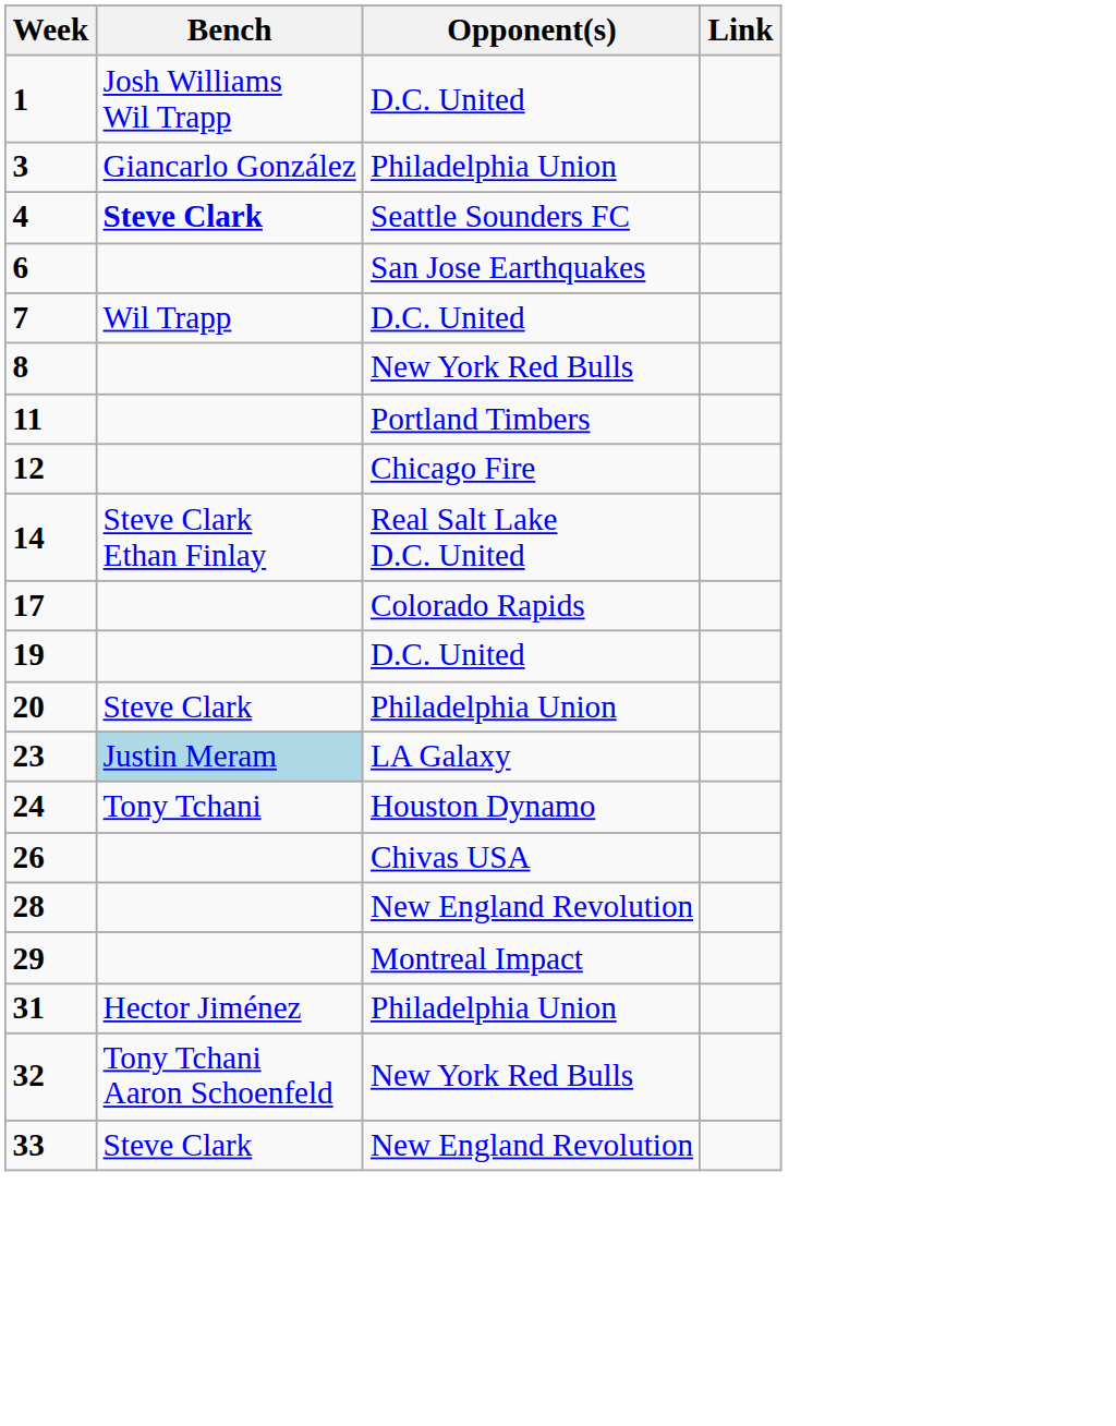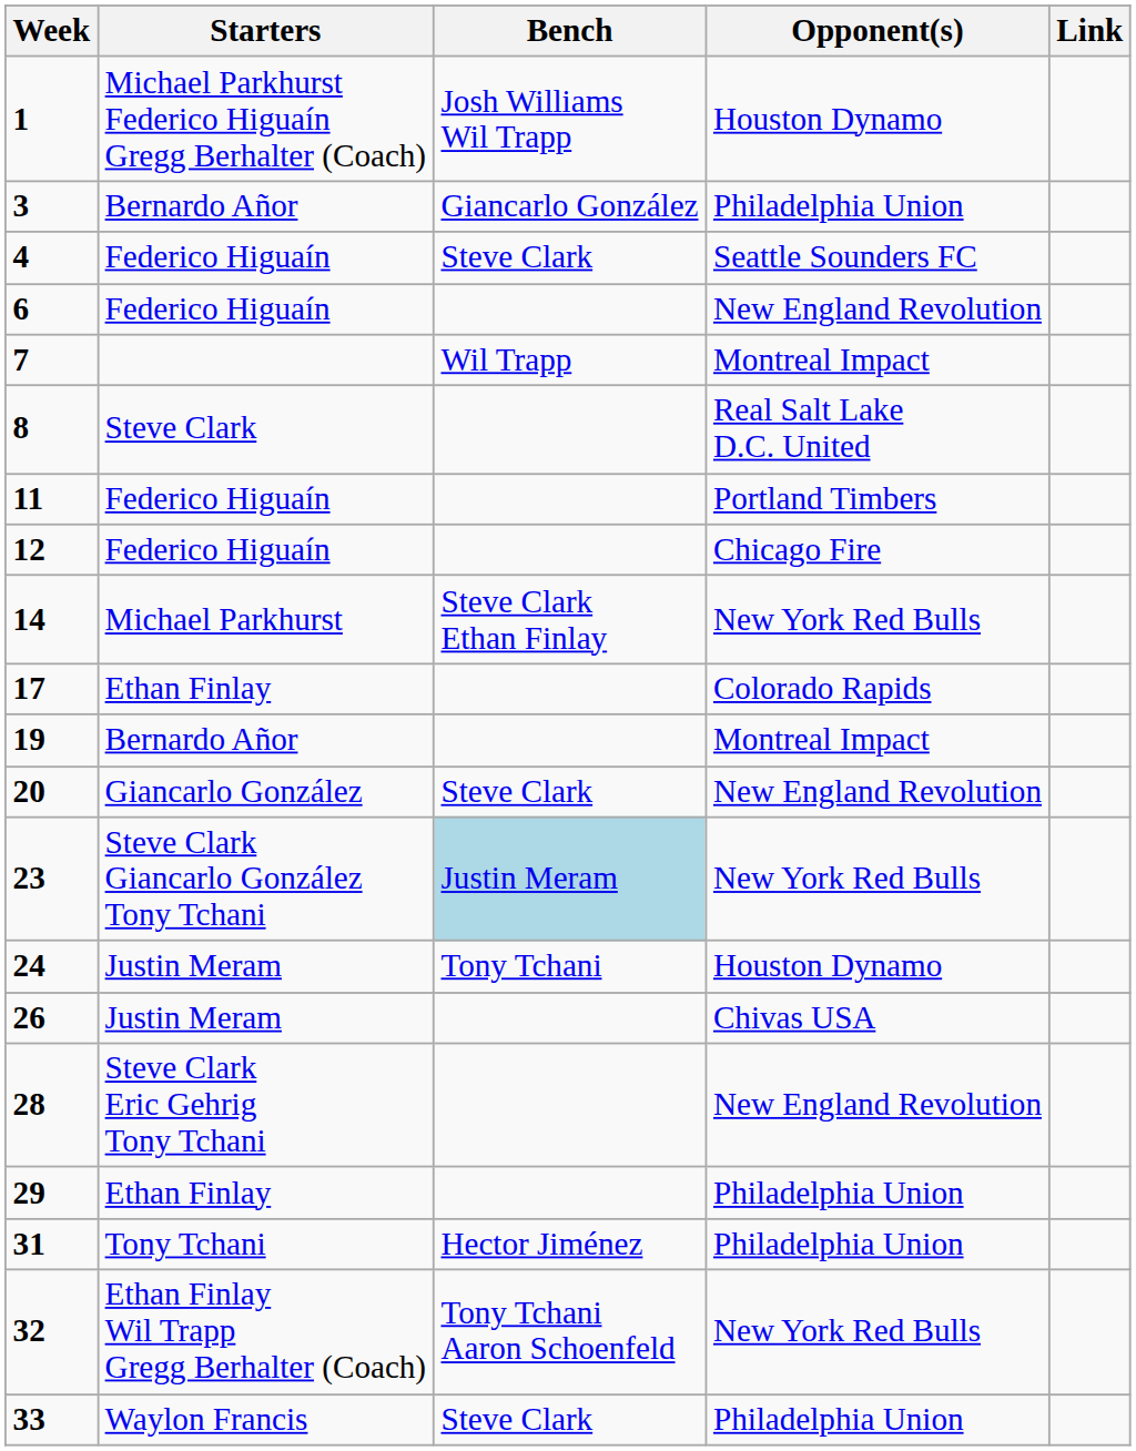 <table class=wikitable style="display:inline-table;">
 <tr>
 <th>Week</th>
+<th>Starters</th>
 <th>Bench</th>
 <th>Opponent(s)</th>
 <th>Link</th>
 </tr>
 <tr>
 <td><strong>1</strong></td>
+<td> <a href='#'>Michael Parkhurst</a><br> <a href='#'>Federico Higuaín</a><br> <a href='#'>Gregg Berhalter</a> (Coach)</td>
 <td> <a href='#'>Josh Williams</a><br> <a href='#'>Wil Trapp</a></td>
-<td> <a href='#'>D.C. United</a></td>
+<td> <a href='#'>Houston Dynamo</a></td>
 <td></td>
 </tr>
 <tr>
 <td><strong>3</strong></td>
+<td> <a href='#'>Bernardo Añor</a></td>
 <td> <a href='#'>Giancarlo González</a></td>
 <td> <a href='#'>Philadelphia Union</a></td>
 <td></td>
 </tr>
 <tr>
 <td><strong>4</strong></td>
-<td><strong> <a href='#'>Steve Clark</a></strong></td>
+<td> <a href='#'>Federico Higuaín</a></td>
+<td> <a href='#'>Steve Clark</a></td>
 <td> <a href='#'>Seattle Sounders FC</a></td>
 <td></td>
 </tr>
 <tr>
 <td><strong>6</strong></td>
+<td> <a href='#'>Federico Higuaín</a></td>
 <td></td>
-<td> <a href='#'>San Jose Earthquakes</a></td>
+<td> <a href='#'>New England Revolution</a></td>
 <td></td>
 </tr>
 <tr>
 <td><strong>7</strong></td>
+<td></td>
 <td> <a href='#'>Wil Trapp</a></td>
-<td> <a href='#'>D.C. United</a></td>
+<td> <a href='#'>Montreal Impact</a></td>
 <td></td>
 </tr>
 <tr>
 <td><strong>8</strong></td>
+<td> <a href='#'>Steve Clark</a></td>
 <td></td>
-<td> <a href='#'>New York Red Bulls</a></td>
+<td> <a href='#'>Real Salt Lake</a><br> <a href='#'>D.C. United</a></td>
 <td></td>
 </tr>
 <tr>
 <td><strong>11</strong></td>
+<td> <a href='#'>Federico Higuaín</a></td>
 <td></td>
 <td> <a href='#'>Portland Timbers</a></td>
 <td></td>
 </tr>
 <tr>
 <td><strong>12</strong></td>
+<td> <a href='#'>Federico Higuaín</a></td>
 <td></td>
 <td> <a href='#'>Chicago Fire</a></td>
 <td></td>
 </tr>
 <tr>
 <td><strong>14</strong></td>
+<td> <a href='#'>Michael Parkhurst</a></td>
 <td> <a href='#'>Steve Clark</a><br> <a href='#'>Ethan Finlay</a></td>
-<td> <a href='#'>Real Salt Lake</a><br> <a href='#'>D.C. United</a></td>
+<td> <a href='#'>New York Red Bulls</a></td>
 <td></td>
 </tr>
 <tr>
 <td><strong>17</strong></td>
+<td> <a href='#'>Ethan Finlay</a></td>
 <td></td>
 <td> <a href='#'>Colorado Rapids</a></td>
 <td></td>
 </tr>
 <tr>
 <td><strong>19</strong></td>
+<td> <a href='#'>Bernardo Añor</a></td>
 <td></td>
-<td> <a href='#'>D.C. United</a></td>
+<td> <a href='#'>Montreal Impact</a></td>
 <td></td>
 </tr>
 <tr>
 <td><strong>20</strong></td>
+<td> <a href='#'>Giancarlo González</a></td>
 <td> <a href='#'>Steve Clark</a></td>
-<td> <a href='#'>Philadelphia Union</a></td>
+<td> <a href='#'>New England Revolution</a></td>
 <td></td>
 </tr>
 <tr>
 <td><strong>23</strong></td>
+<td> <a href='#'>Steve Clark</a><br> <a href='#'>Giancarlo González</a><br> <a href='#'>Tony Tchani</a></td>
 <td style="background: lightblue;"> <a href='#'>Justin Meram</a></td>
-<td> <a href='#'>LA Galaxy</a></td>
+<td> <a href='#'>New York Red Bulls</a></td>
 <td></td>
 </tr>
 <tr>
 <td><strong>24</strong></td>
+<td> <a href='#'>Justin Meram</a></td>
 <td> <a href='#'>Tony Tchani</a></td>
 <td> <a href='#'>Houston Dynamo</a></td>
 <td></td>
 </tr>
 <tr>
 <td><strong>26</strong></td>
+<td> <a href='#'>Justin Meram</a></td>
 <td></td>
 <td> <a href='#'>Chivas USA</a></td>
 <td></td>
 </tr>
 <tr>
 <td><strong>28</strong></td>
+<td> <a href='#'>Steve Clark</a><br> <a href='#'>Eric Gehrig</a><br> <a href='#'>Tony Tchani</a></td>
 <td></td>
 <td> <a href='#'>New England Revolution</a></td>
 <td></td>
 </tr>
 <tr>
 <td><strong>29</strong></td>
+<td> <a href='#'>Ethan Finlay</a></td>
 <td></td>
-<td> <a href='#'>Montreal Impact</a></td>
+<td> <a href='#'>Philadelphia Union</a></td>
 <td></td>
 </tr>
 <tr>
 <td><strong>31</strong></td>
+<td> <a href='#'>Tony Tchani</a></td>
 <td> <a href='#'>Hector Jiménez</a></td>
 <td> <a href='#'>Philadelphia Union</a></td>
 <td></td>
 </tr>
 <tr>
 <td><strong>32</strong></td>
+<td> <a href='#'>Ethan Finlay</a><br> <a href='#'>Wil Trapp</a><br> <a href='#'>Gregg Berhalter</a> (Coach)</td>
 <td> <a href='#'>Tony Tchani</a><br> <a href='#'>Aaron Schoenfeld</a></td>
 <td> <a href='#'>New York Red Bulls</a></td>
 <td></td>
 </tr>
 <tr>
 <td><strong>33</strong></td>
+<td> <a href='#'>Waylon Francis</a></td>
 <td> <a href='#'>Steve Clark</a></td>
-<td> <a href='#'>New England Revolution</a></td>
+<td> <a href='#'>Philadelphia Union</a></td>
 <td></td>
 </tr>
 </table>
